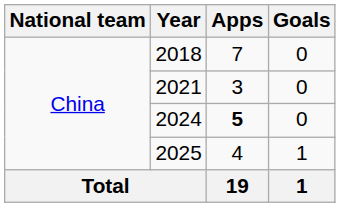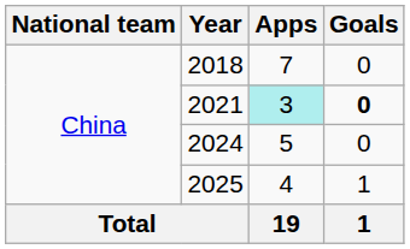 <table class="wikitable" style="text-align:center">
 <tr>
 <th>National team</th>
 <th>Year</th>
 <th>Apps</th>
 <th>Goals</th>
 </tr>
 <tr>
 <td rowspan="4"><a href='#'>China</a></td>
 <td>2018</td>
 <td>7</td>
 <td>0</td>
 </tr>
 <tr>
 <td>2021</td>
-<td>3</td>
-<td>0</td>
+<td style="background: paleturquoise;">3</td>
+<td><strong>0</strong></td>
 </tr>
 <tr>
 <td>2024</td>
-<td><strong>5</strong></td>
+<td>5</td>
 <td>0</td>
 </tr>
 <tr>
 <td>2025</td>
 <td>4</td>
 <td>1</td>
 </tr>
 <tr>
 <th colspan="2">Total</th>
 <th>19</th>
 <th>1</th>
 </tr>
 </table>
